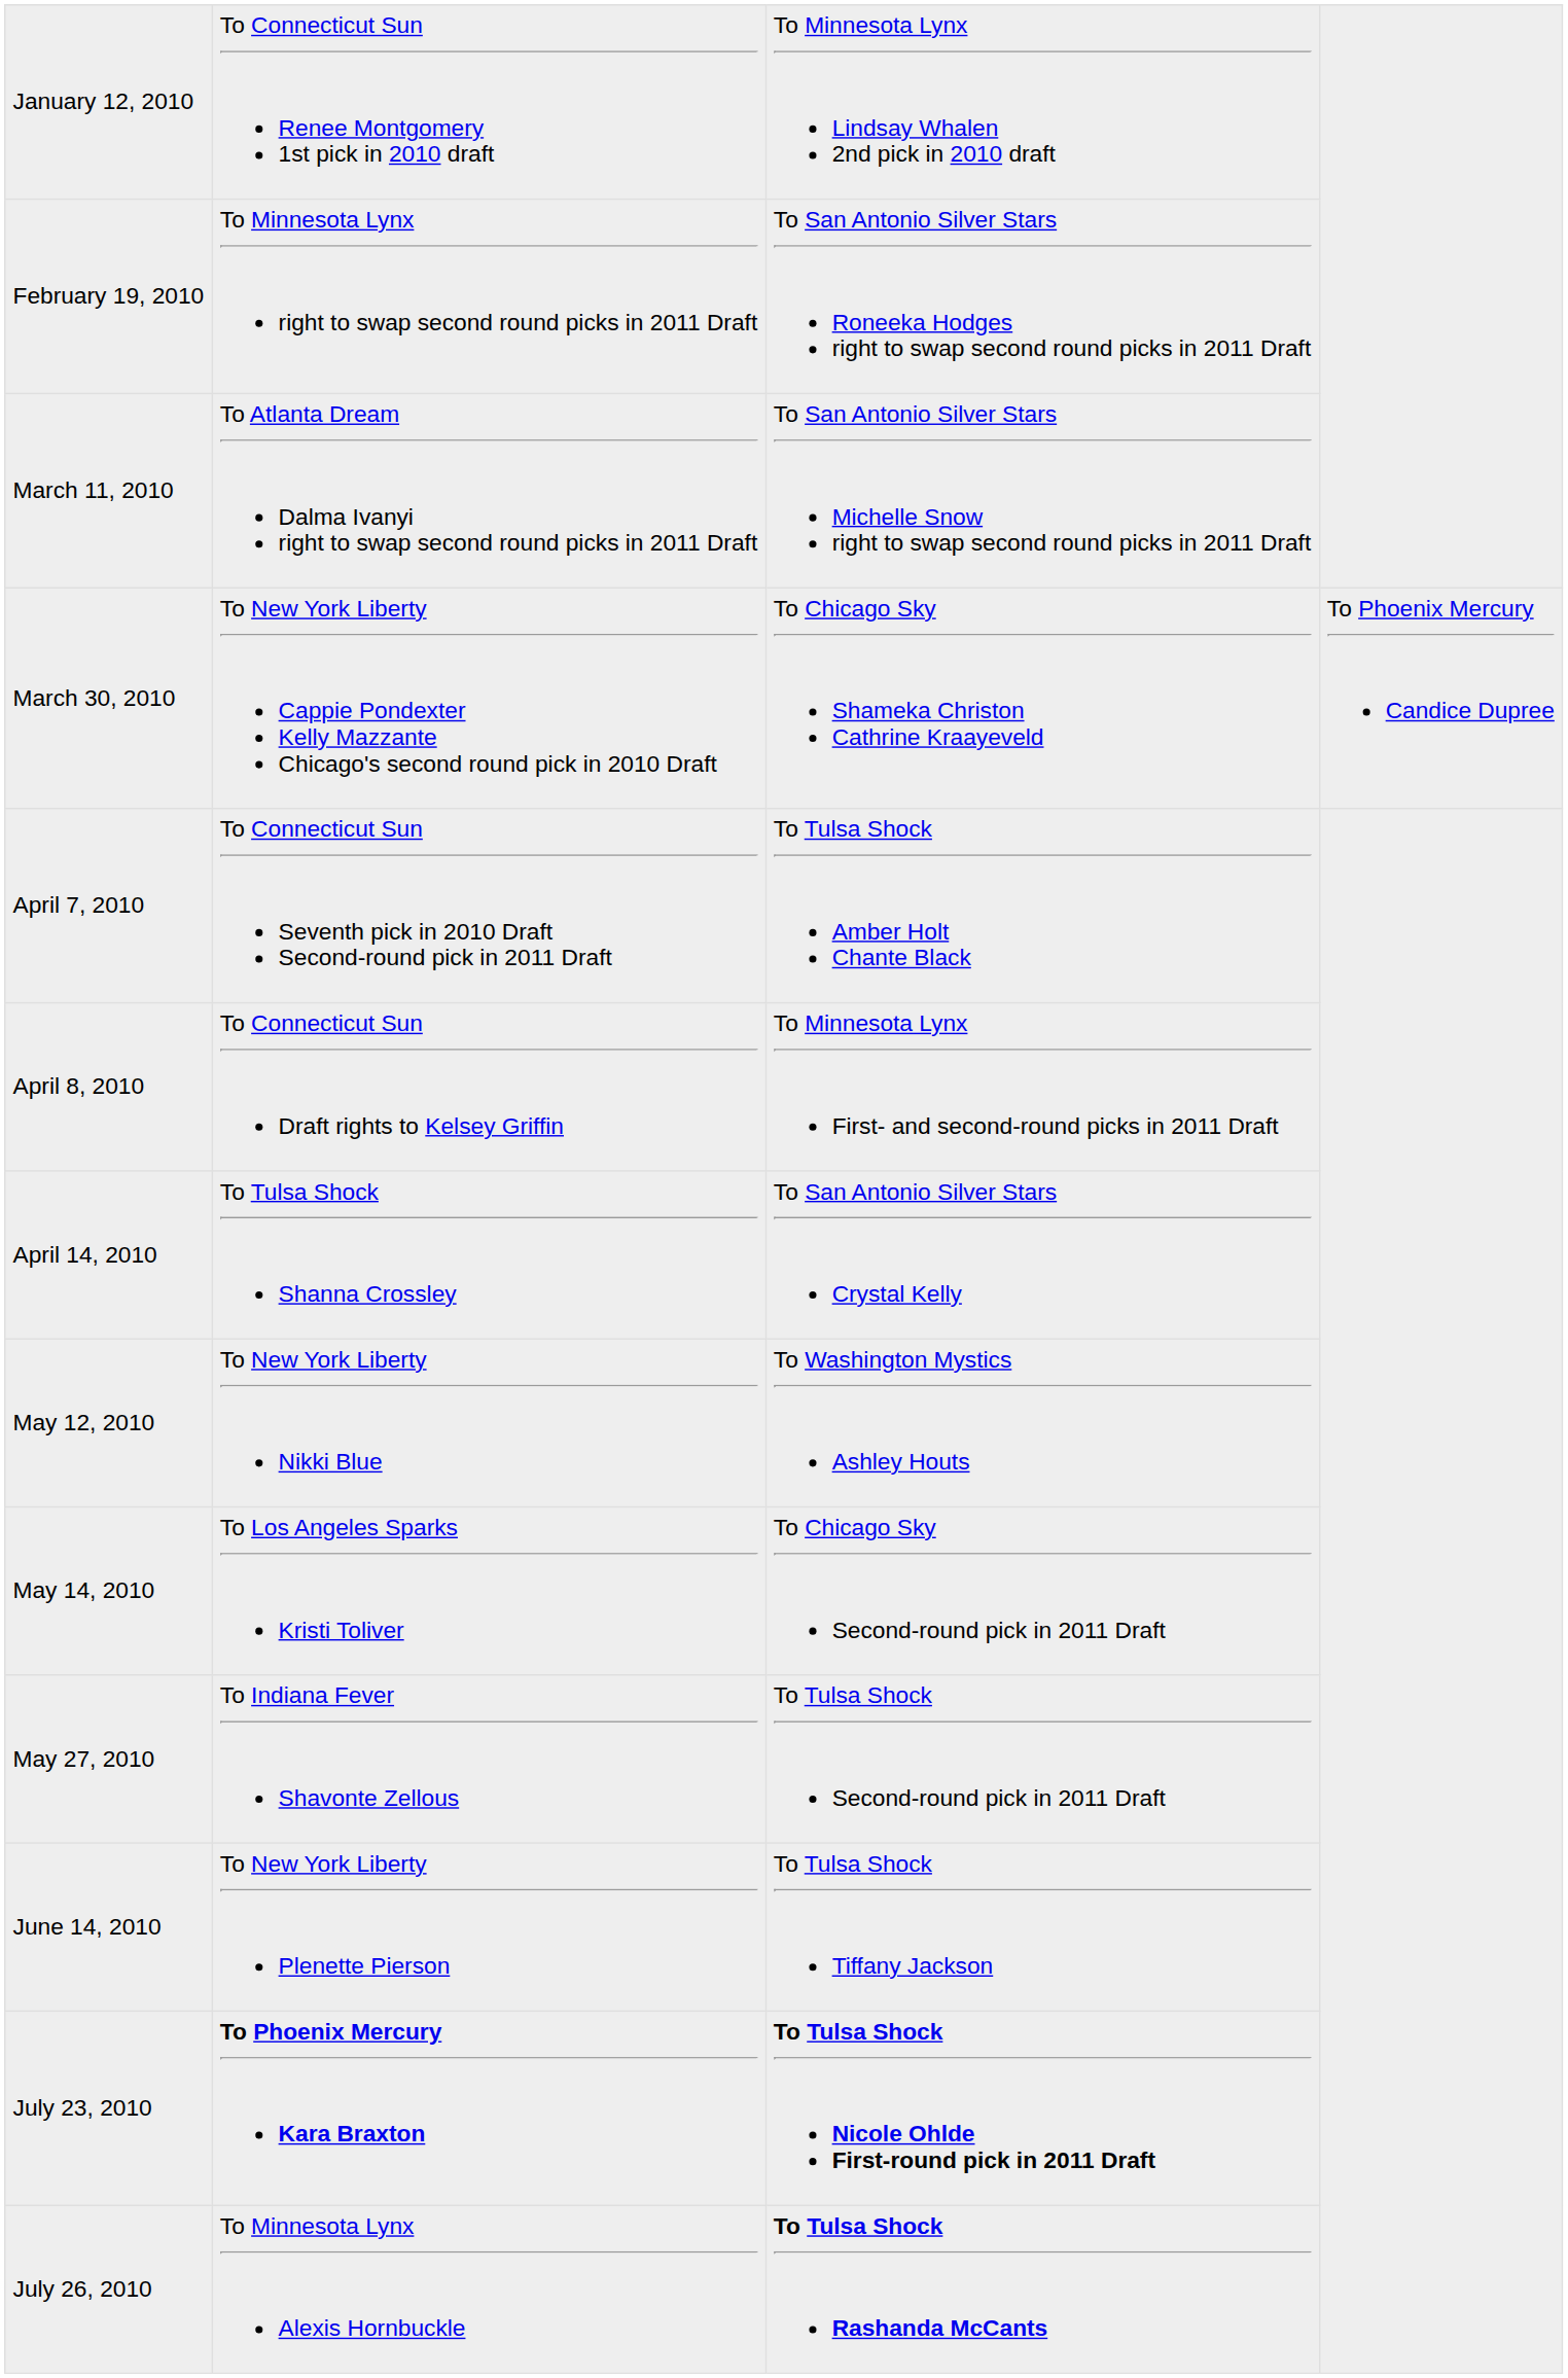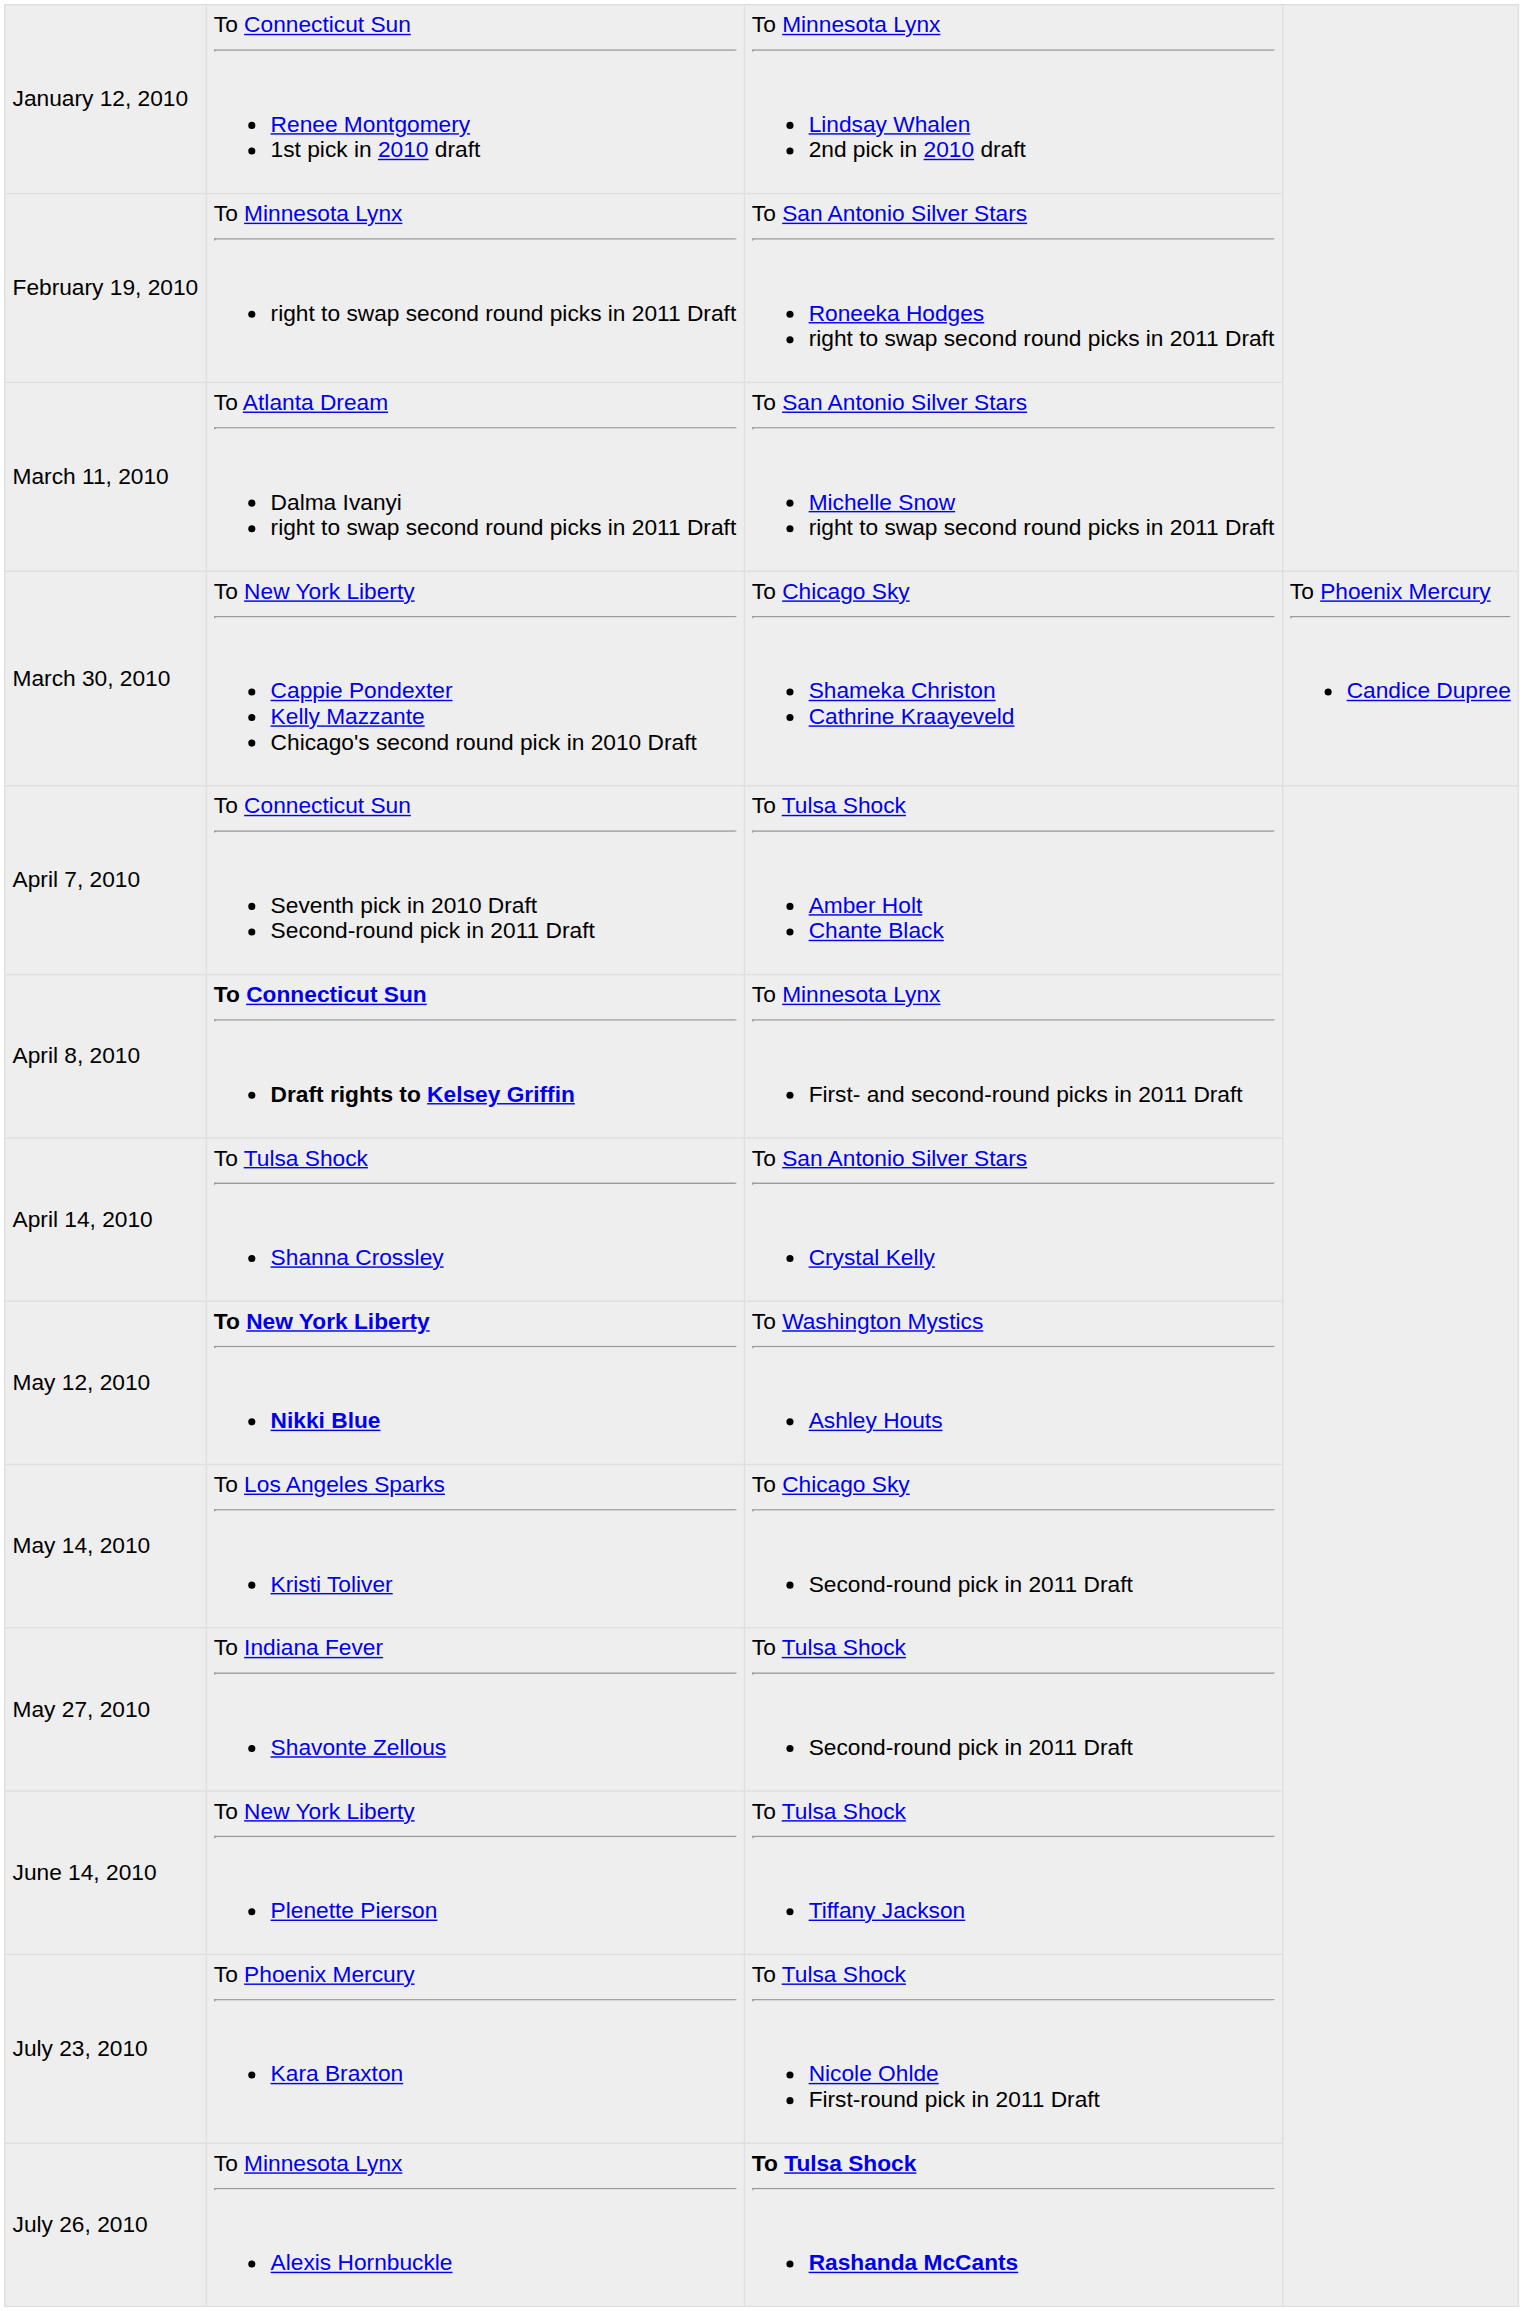 <table border=1 style="border-collapse:collapse; background-color:#eeeeee" bordercolor="#DFDFDF" cellpadding="5">
 <tr>
 <td>January 12, 2010</td>
 <td valign="top">To <a href='#'>Connecticut Sun</a> <hr><br><ul><li><a href='#'>Renee Montgomery</a></li><li>1st pick in <a href='#'>2010</a> draft</li></ul></td>
 <td valign="top">To <a href='#'>Minnesota Lynx</a> <hr><br><ul><li><a href='#'>Lindsay Whalen</a></li><li>2nd pick in <a href='#'>2010</a> draft</li></ul></td>
 </tr>
 <tr>
 <td>February 19, 2010</td>
 <td valign="top">To <a href='#'>Minnesota Lynx</a> <hr><br><ul><li>right to swap second round picks in 2011 Draft</li></ul></td>
 <td valign="top">To <a href='#'>San Antonio Silver Stars</a> <hr><br><ul><li><a href='#'>Roneeka Hodges</a></li><li>right to swap second round picks in 2011 Draft</li></ul></td>
 </tr>
 <tr>
 <td>March 11, 2010</td>
 <td valign="top">To <a href='#'>Atlanta Dream</a> <hr><br><ul><li>Dalma Ivanyi</li><li>right to swap second round picks in 2011 Draft</li></ul></td>
 <td valign="top">To <a href='#'>San Antonio Silver Stars</a> <hr><br><ul><li><a href='#'>Michelle Snow</a></li><li>right to swap second round picks in 2011 Draft</li></ul></td>
 </tr>
 <tr>
 <td>March 30, 2010</td>
 <td valign="top">To <a href='#'>New York Liberty</a> <hr><br><ul><li><a href='#'>Cappie Pondexter</a></li><li><a href='#'>Kelly Mazzante</a></li><li>Chicago's second round pick in 2010 Draft</li></ul></td>
 <td valign="top">To <a href='#'>Chicago Sky</a> <hr><br><ul><li><a href='#'>Shameka Christon</a></li><li><a href='#'>Cathrine Kraayeveld</a></li></ul></td>
 <td valign="top">To <a href='#'>Phoenix Mercury</a> <hr><br><ul><li><a href='#'>Candice Dupree</a></li></ul></td>
 </tr>
 <tr>
 <td>April 7, 2010</td>
 <td valign="top">To <a href='#'>Connecticut Sun</a> <hr><br><ul><li>Seventh pick in 2010 Draft</li><li>Second-round pick in 2011 Draft</li></ul></td>
 <td valign="top">To <a href='#'>Tulsa Shock</a> <hr><br><ul><li><a href='#'>Amber Holt</a></li><li><a href='#'>Chante Black</a></li></ul></td>
 </tr>
 <tr>
 <td>April 8, 2010</td>
-<td valign="top">To <a href='#'>Connecticut Sun</a> <hr><br><ul><li>Draft rights to <a href='#'>Kelsey Griffin</a></li></ul></td>
+<td valign="top"><strong>To <a href='#'>Connecticut Sun</a> <hr><br><ul><li>Draft rights to <a href='#'>Kelsey Griffin</a></li></ul></strong></td>
 <td valign="top">To <a href='#'>Minnesota Lynx</a> <hr><br><ul><li>First- and second-round picks in 2011 Draft</li></ul></td>
 </tr>
 <tr>
 <td>April 14, 2010</td>
 <td valign="top">To <a href='#'>Tulsa Shock</a> <hr><br><ul><li><a href='#'>Shanna Crossley</a></li></ul></td>
 <td valign="top">To <a href='#'>San Antonio Silver Stars</a> <hr><br><ul><li><a href='#'>Crystal Kelly</a></li></ul></td>
 </tr>
 <tr>
 <td>May 12, 2010</td>
-<td valign="top">To <a href='#'>New York Liberty</a> <hr><br><ul><li><a href='#'>Nikki Blue</a></li></ul></td>
+<td valign="top"><strong>To <a href='#'>New York Liberty</a> <hr><br><ul><li><a href='#'>Nikki Blue</a></li></ul></strong></td>
 <td valign="top">To <a href='#'>Washington Mystics</a> <hr><br><ul><li><a href='#'>Ashley Houts</a></li></ul></td>
 </tr>
 <tr>
 <td>May 14, 2010</td>
 <td valign="top">To <a href='#'>Los Angeles Sparks</a> <hr><br><ul><li><a href='#'>Kristi Toliver</a></li></ul></td>
 <td valign="top">To <a href='#'>Chicago Sky</a> <hr><br><ul><li>Second-round pick in 2011 Draft</li></ul></td>
 </tr>
 <tr>
 <td>May 27, 2010</td>
 <td valign="top">To <a href='#'>Indiana Fever</a> <hr><br><ul><li><a href='#'>Shavonte Zellous</a></li></ul></td>
 <td valign="top">To <a href='#'>Tulsa Shock</a> <hr><br><ul><li>Second-round pick in 2011 Draft</li></ul></td>
 </tr>
 <tr>
 <td>June 14, 2010</td>
 <td valign="top">To <a href='#'>New York Liberty</a> <hr><br><ul><li><a href='#'>Plenette Pierson</a></li></ul></td>
 <td valign="top">To <a href='#'>Tulsa Shock</a> <hr><br><ul><li><a href='#'>Tiffany Jackson</a></li></ul></td>
 </tr>
 <tr>
 <td>July 23, 2010</td>
-<td valign="top"><strong>To <a href='#'>Phoenix Mercury</a> <hr><br><ul><li><a href='#'>Kara Braxton</a></li></ul></strong></td>
-<td valign="top"><strong>To <a href='#'>Tulsa Shock</a> <hr><br><ul><li><a href='#'>Nicole Ohlde</a></li><li>First-round pick in 2011 Draft</li></ul></strong></td>
+<td valign="top">To <a href='#'>Phoenix Mercury</a> <hr><br><ul><li><a href='#'>Kara Braxton</a></li></ul></td>
+<td valign="top">To <a href='#'>Tulsa Shock</a> <hr><br><ul><li><a href='#'>Nicole Ohlde</a></li><li>First-round pick in 2011 Draft</li></ul></td>
 </tr>
 <tr>
 <td>July 26, 2010</td>
 <td valign="top">To <a href='#'>Minnesota Lynx</a> <hr><br><ul><li><a href='#'>Alexis Hornbuckle</a></li></ul></td>
 <td valign="top"><strong>To <a href='#'>Tulsa Shock</a> <hr><br><ul><li><a href='#'>Rashanda McCants</a></li></ul></strong></td>
 </tr>
 </table>
